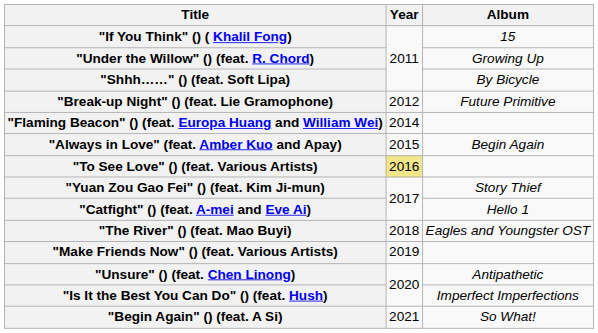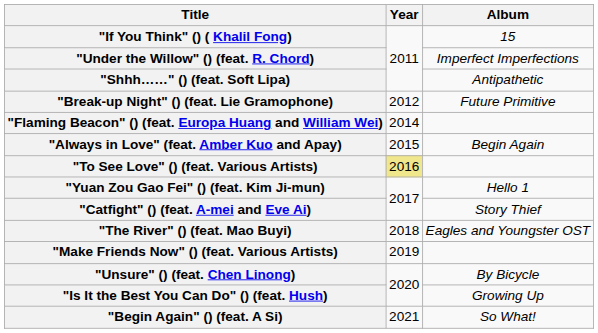 <table class="wikitable plainrowheaders" style="text-align:center;">
 <tr>
 <th scope="col">Title</th>
 <th scope="col">Year</th>
 <th scope="col">Album</th>
 </tr>
 <tr>
 <th scope="row">"If You Think" () <span>( <a href='#'>Khalil Fong</a>)</span></th>
 <td rowspan=3>2011</td>
 <td><em>15</em></td>
 </tr>
 <tr>
 <th scope="row">"Under the Willow" () <span>(feat. <a href='#'>R. Chord</a>)</span></th>
-<td><em>Growing Up</em></td>
+<td><em>Imperfect Imperfections</em></td>
 </tr>
 <tr>
 <th scope="row">"Shhh……" () <span>(feat. Soft Lipa)</span></th>
-<td><em>By Bicycle</em></td>
+<td><em>Antipathetic</em></td>
 </tr>
 <tr>
 <th scope="row">"Break-up Night" () <span>(feat. Lie Gramophone)</span></th>
 <td>2012</td>
 <td><em>Future Primitive</em></td>
 </tr>
 <tr>
 <th scope="row">"Flaming Beacon" () <span>(feat. <a href='#'>Europa Huang</a> and <a href='#'>William Wei</a>)</span></th>
 <td>2014</td>
 <td></td>
 </tr>
 <tr>
 <th scope="row">"Always in Love" <span>(feat. <a href='#'>Amber Kuo</a> and Apay)</span></th>
 <td>2015</td>
 <td><em>Begin Again</em></td>
 </tr>
 <tr>
 <th scope="row">"To See Love" () <span>(feat. Various Artists)</span></th>
 <td style="background: khaki;">2016</td>
 <td></td>
 </tr>
 <tr>
 <th scope="row">"Yuan Zou Gao Fei" () <span>(feat. Kim Ji-mun)</span></th>
 <td rowspan=2>2017</td>
-<td><em>Story Thief</em></td>
+<td><em>Hello 1</em></td>
 </tr>
 <tr>
 <th scope="row">"Catfight" () <span>(feat. <a href='#'>A-mei</a> and <a href='#'>Eve Ai</a>)</span></th>
-<td><em>Hello 1</em></td>
+<td><em>Story Thief</em></td>
 </tr>
 <tr>
 <th scope="row">"The River" () <span>(feat. Mao Buyi)</span></th>
 <td>2018</td>
 <td><em>Eagles and Youngster OST</em></td>
 </tr>
 <tr>
 <th scope="row">"Make Friends Now" () <span>(feat. Various Artists)</span></th>
 <td>2019</td>
 <td></td>
 </tr>
 <tr>
 <th scope="row">"Unsure" () <span>(feat. <a href='#'>Chen Linong</a>)</span></th>
 <td rowspan=2>2020</td>
-<td><em>Antipathetic</em></td>
+<td><em>By Bicycle</em></td>
 </tr>
 <tr>
 <th scope="row">"Is It the Best You Can Do" () <span>(feat. <a href='#'>Hush</a>)</span></th>
-<td><em>Imperfect Imperfections</em></td>
+<td><em>Growing Up</em></td>
 </tr>
 <tr>
 <th scope="row">"Begin Again" () <span>(feat. A Si)</span></th>
 <td>2021</td>
 <td><em>So What!</em></td>
 </tr>
 </table>
